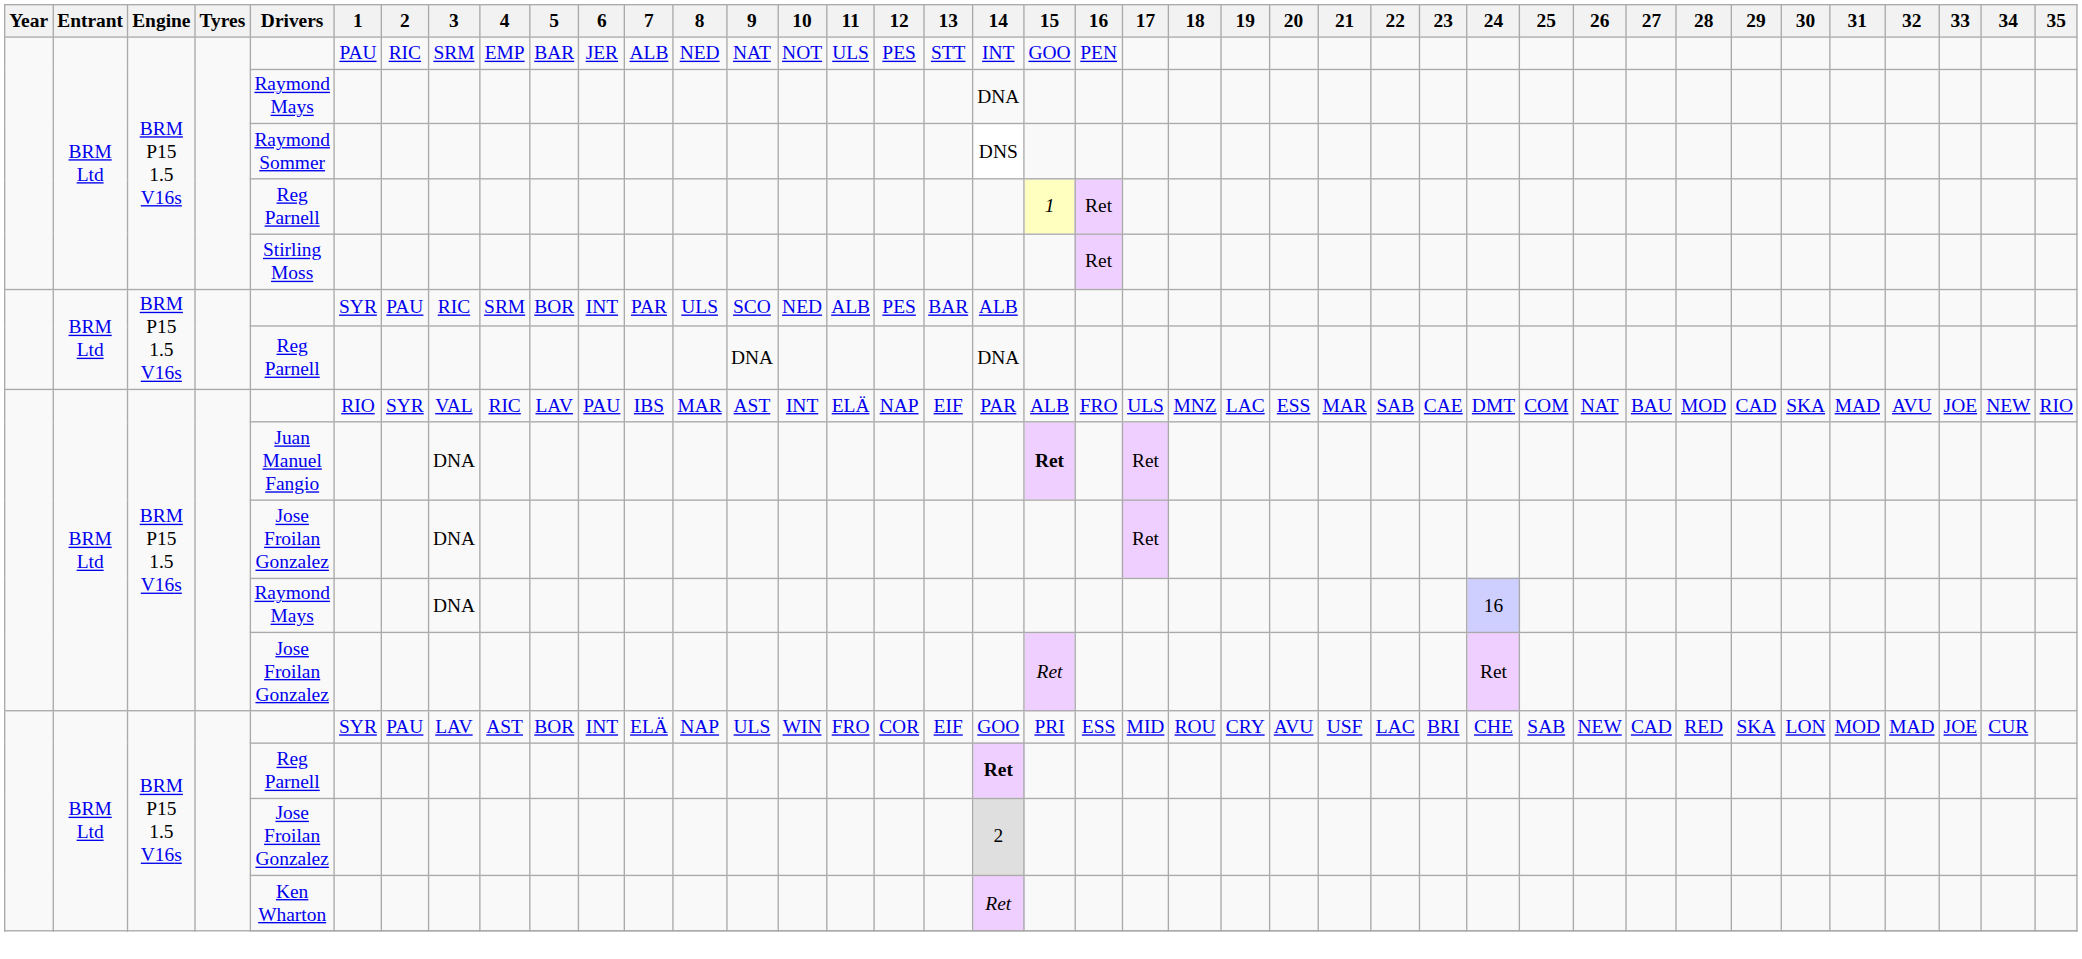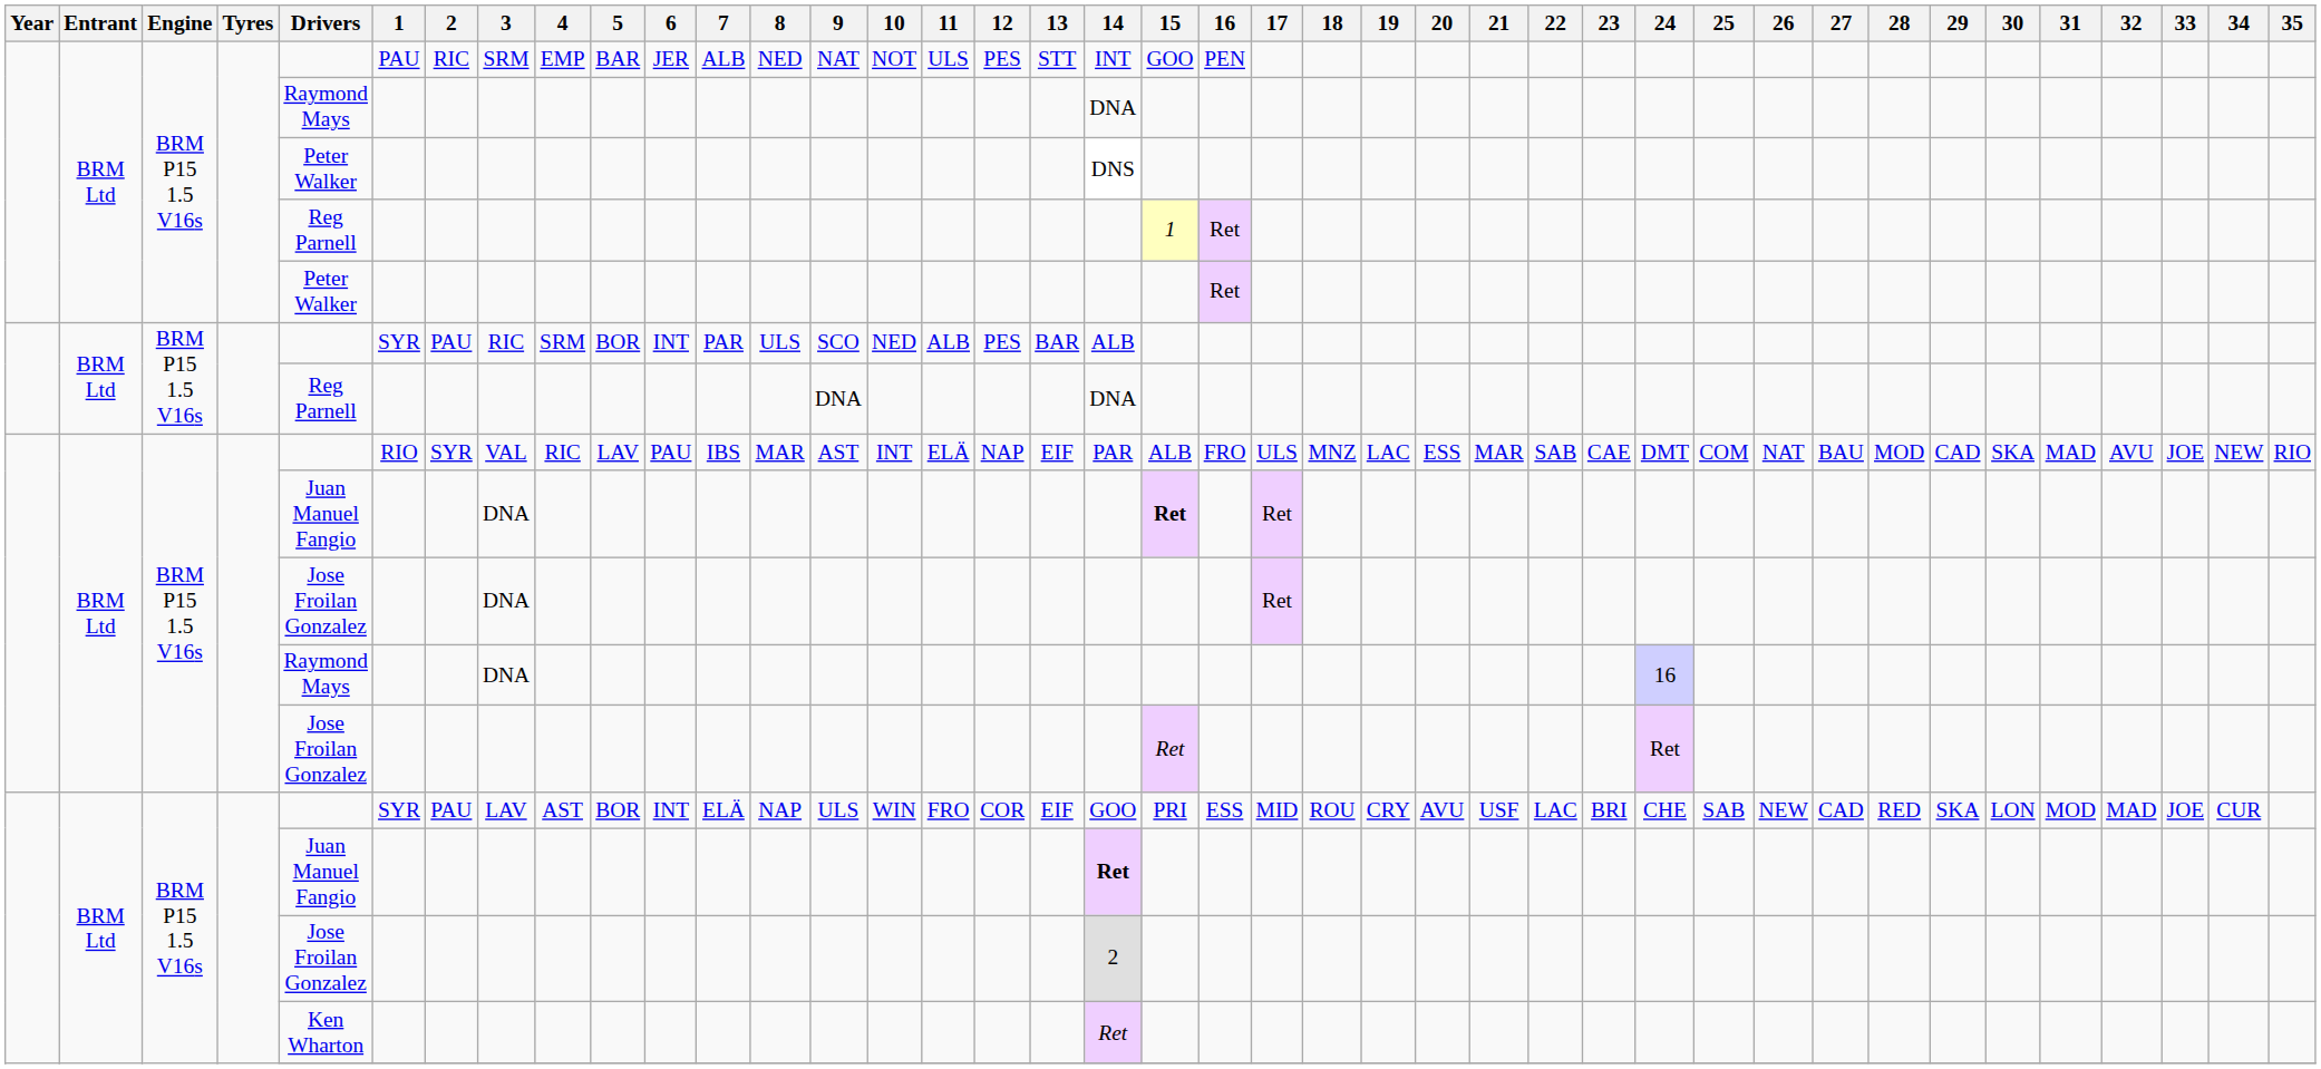 <table class="wikitable" style="text-align:center; font-size:90%">
 <tr>
 <th>Year</th>
 <th>Entrant</th>
 <th>Engine</th>
 <th>Tyres</th>
 <th>Drivers</th>
 <th>1</th>
 <th>2</th>
 <th>3</th>
 <th>4</th>
 <th>5</th>
 <th>6</th>
 <th>7</th>
 <th>8</th>
 <th>9</th>
 <th>10</th>
 <th>11</th>
 <th>12</th>
 <th>13</th>
 <th>14</th>
 <th>15</th>
 <th>16</th>
 <th>17</th>
 <th>18</th>
 <th>19</th>
 <th>20</th>
 <th>21</th>
 <th>22</th>
 <th>23</th>
 <th>24</th>
 <th>25</th>
 <th>26</th>
 <th>27</th>
 <th>28</th>
 <th>29</th>
 <th>30</th>
 <th>31</th>
 <th>32</th>
 <th>33</th>
 <th>34</th>
 <th>35</th>
 </tr>
 <tr>
 <td rowspan="5"></td>
 <td rowspan="5"><a href='#'>BRM Ltd</a></td>
 <td rowspan="5"><a href='#'>BRM</a> P15 1.5 <a href='#'>V16</a><a href='#'>s</a></td>
 <td rowspan="5"></td>
 <td></td>
 <td><a href='#'>PAU</a></td>
 <td><a href='#'>RIC</a></td>
 <td><a href='#'>SRM</a></td>
 <td><a href='#'>EMP</a></td>
 <td><a href='#'>BAR</a></td>
 <td><a href='#'>JER</a></td>
 <td><a href='#'>ALB</a></td>
 <td><a href='#'>NED</a></td>
 <td><a href='#'>NAT</a></td>
 <td><a href='#'>NOT</a></td>
 <td><a href='#'>ULS</a></td>
 <td><a href='#'>PES</a></td>
 <td><a href='#'>STT</a></td>
 <td><a href='#'>INT</a></td>
 <td><a href='#'>GOO</a></td>
 <td><a href='#'>PEN</a></td>
 <td></td>
 <td></td>
 <td></td>
 <td></td>
 <td></td>
 <td></td>
 <td></td>
 <td></td>
 <td></td>
 <td></td>
 <td></td>
 <td></td>
 <td></td>
 <td></td>
 <td></td>
 <td></td>
 <td></td>
 <td></td>
 <td></td>
 </tr>
 <tr>
 <td><a href='#'>Raymond Mays</a></td>
 <td></td>
 <td></td>
 <td></td>
 <td></td>
 <td></td>
 <td></td>
 <td></td>
 <td></td>
 <td></td>
 <td></td>
 <td></td>
 <td></td>
 <td></td>
 <td>DNA</td>
 <td></td>
 <td></td>
 <td></td>
 <td></td>
 <td></td>
 <td></td>
 <td></td>
 <td></td>
 <td></td>
 <td></td>
 <td></td>
 <td></td>
 <td></td>
 <td></td>
 <td></td>
 <td></td>
 <td></td>
 <td></td>
 <td></td>
 <td></td>
 <td></td>
 </tr>
 <tr>
-<td><a href='#'>Raymond Sommer</a></td>
+<td><a href='#'>Peter Walker</a></td>
 <td></td>
 <td></td>
 <td></td>
 <td></td>
 <td></td>
 <td></td>
 <td></td>
 <td></td>
 <td></td>
 <td></td>
 <td></td>
 <td></td>
 <td></td>
 <td style="background:#FFFFFF;">DNS</td>
 <td></td>
 <td></td>
 <td></td>
 <td></td>
 <td></td>
 <td></td>
 <td></td>
 <td></td>
 <td></td>
 <td></td>
 <td></td>
 <td></td>
 <td></td>
 <td></td>
 <td></td>
 <td></td>
 <td></td>
 <td></td>
 <td></td>
 <td></td>
 <td></td>
 </tr>
 <tr>
 <td><a href='#'>Reg Parnell</a></td>
 <td></td>
 <td></td>
 <td></td>
 <td></td>
 <td></td>
 <td></td>
 <td></td>
 <td></td>
 <td></td>
 <td></td>
 <td></td>
 <td></td>
 <td></td>
 <td></td>
 <td style="background:#FFFFBF;"><em>1</em></td>
 <td style="background:#EFCFFF;">Ret</td>
 <td></td>
 <td></td>
 <td></td>
 <td></td>
 <td></td>
 <td></td>
 <td></td>
 <td></td>
 <td></td>
 <td></td>
 <td></td>
 <td></td>
 <td></td>
 <td></td>
 <td></td>
 <td></td>
 <td></td>
 <td></td>
 <td></td>
 </tr>
 <tr>
-<td><a href='#'>Stirling Moss</a></td>
+<td><a href='#'>Peter Walker</a></td>
 <td></td>
 <td></td>
 <td></td>
 <td></td>
 <td></td>
 <td></td>
 <td></td>
 <td></td>
 <td></td>
 <td></td>
 <td></td>
 <td></td>
 <td></td>
 <td></td>
 <td></td>
 <td style="background:#EFCFFF;">Ret</td>
 <td></td>
 <td></td>
 <td></td>
 <td></td>
 <td></td>
 <td></td>
 <td></td>
 <td></td>
 <td></td>
 <td></td>
 <td></td>
 <td></td>
 <td></td>
 <td></td>
 <td></td>
 <td></td>
 <td></td>
 <td></td>
 <td></td>
 </tr>
 <tr>
 <td rowspan="2"></td>
 <td rowspan="2"><a href='#'>BRM Ltd</a></td>
 <td rowspan="2"><a href='#'>BRM</a> P15 1.5 <a href='#'>V16</a><a href='#'>s</a></td>
 <td rowspan="2"></td>
 <td></td>
 <td><a href='#'>SYR</a></td>
 <td><a href='#'>PAU</a></td>
 <td><a href='#'>RIC</a></td>
 <td><a href='#'>SRM</a></td>
 <td><a href='#'>BOR</a></td>
 <td><a href='#'>INT</a></td>
 <td><a href='#'>PAR</a></td>
 <td><a href='#'>ULS</a></td>
 <td><a href='#'>SCO</a></td>
 <td><a href='#'>NED</a></td>
 <td><a href='#'>ALB</a></td>
 <td><a href='#'>PES</a></td>
 <td><a href='#'>BAR</a></td>
 <td><a href='#'>ALB</a></td>
 <td></td>
 <td></td>
 <td></td>
 <td></td>
 <td></td>
 <td></td>
 <td></td>
 <td></td>
 <td></td>
 <td></td>
 <td></td>
 <td></td>
 <td></td>
 <td></td>
 <td></td>
 <td></td>
 <td></td>
 <td></td>
 <td></td>
 <td></td>
 <td></td>
 </tr>
 <tr>
 <td><a href='#'>Reg Parnell</a></td>
 <td></td>
 <td></td>
 <td></td>
 <td></td>
 <td></td>
 <td></td>
 <td></td>
 <td></td>
 <td>DNA</td>
 <td></td>
 <td></td>
 <td></td>
 <td></td>
 <td>DNA</td>
 <td></td>
 <td></td>
 <td></td>
 <td></td>
 <td></td>
 <td></td>
 <td></td>
 <td></td>
 <td></td>
 <td></td>
 <td></td>
 <td></td>
 <td></td>
 <td></td>
 <td></td>
 <td></td>
 <td></td>
 <td></td>
 <td></td>
 <td></td>
 <td></td>
 </tr>
 <tr>
 <td rowspan="5"></td>
 <td rowspan="5"><a href='#'>BRM Ltd</a></td>
 <td rowspan="5"><a href='#'>BRM</a> P15 1.5 <a href='#'>V16</a><a href='#'>s</a></td>
 <td rowspan="5"></td>
 <td></td>
 <td><a href='#'>RIO</a></td>
 <td><a href='#'>SYR</a></td>
 <td><a href='#'>VAL</a></td>
 <td><a href='#'>RIC</a></td>
 <td><a href='#'>LAV</a></td>
 <td><a href='#'>PAU</a></td>
 <td><a href='#'>IBS</a></td>
 <td><a href='#'>MAR</a></td>
 <td><a href='#'>AST</a></td>
 <td><a href='#'>INT</a></td>
 <td><a href='#'>ELÄ</a></td>
 <td><a href='#'>NAP</a></td>
 <td><a href='#'>EIF</a></td>
 <td><a href='#'>PAR</a></td>
 <td><a href='#'>ALB</a></td>
 <td><a href='#'>FRO</a></td>
 <td><a href='#'>ULS</a></td>
 <td><a href='#'>MNZ</a></td>
 <td><a href='#'>LAC</a></td>
 <td><a href='#'>ESS</a></td>
 <td><a href='#'>MAR</a></td>
 <td><a href='#'>SAB</a></td>
 <td><a href='#'>CAE</a></td>
 <td><a href='#'>DMT</a></td>
 <td><a href='#'>COM</a></td>
 <td><a href='#'>NAT</a></td>
 <td><a href='#'>BAU</a></td>
 <td><a href='#'>MOD</a></td>
 <td><a href='#'>CAD</a></td>
 <td><a href='#'>SKA</a></td>
 <td><a href='#'>MAD</a></td>
 <td><a href='#'>AVU</a></td>
 <td><a href='#'>JOE</a></td>
 <td><a href='#'>NEW</a></td>
 <td><a href='#'>RIO</a></td>
 </tr>
 <tr>
 <td><a href='#'>Juan Manuel Fangio</a></td>
 <td></td>
 <td></td>
 <td>DNA</td>
 <td></td>
 <td></td>
 <td></td>
 <td></td>
 <td></td>
 <td></td>
 <td></td>
 <td></td>
 <td></td>
 <td></td>
 <td></td>
 <td style="background:#EFCFFF;"><strong>Ret</strong></td>
 <td></td>
 <td style="background:#EFCFFF;">Ret</td>
 <td></td>
 <td></td>
 <td></td>
 <td></td>
 <td></td>
 <td></td>
 <td></td>
 <td></td>
 <td></td>
 <td></td>
 <td></td>
 <td></td>
 <td></td>
 <td></td>
 <td></td>
 <td></td>
 <td></td>
 <td></td>
 </tr>
 <tr>
 <td><a href='#'>Jose Froilan Gonzalez</a></td>
 <td></td>
 <td></td>
 <td>DNA</td>
 <td></td>
 <td></td>
 <td></td>
 <td></td>
 <td></td>
 <td></td>
 <td></td>
 <td></td>
 <td></td>
 <td></td>
 <td></td>
 <td></td>
 <td></td>
 <td style="background:#EFCFFF;">Ret</td>
 <td></td>
 <td></td>
 <td></td>
 <td></td>
 <td></td>
 <td></td>
 <td></td>
 <td></td>
 <td></td>
 <td></td>
 <td></td>
 <td></td>
 <td></td>
 <td></td>
 <td></td>
 <td></td>
 <td></td>
 <td></td>
 </tr>
 <tr>
 <td><a href='#'>Raymond Mays</a></td>
 <td></td>
 <td></td>
 <td>DNA</td>
 <td></td>
 <td></td>
 <td></td>
 <td></td>
 <td></td>
 <td></td>
 <td></td>
 <td></td>
 <td></td>
 <td></td>
 <td></td>
 <td></td>
 <td></td>
 <td></td>
 <td></td>
 <td></td>
 <td></td>
 <td></td>
 <td></td>
 <td></td>
 <td style="background:#CFCFFF;">16</td>
 <td></td>
 <td></td>
 <td></td>
 <td></td>
 <td></td>
 <td></td>
 <td></td>
 <td></td>
 <td></td>
 <td></td>
 <td></td>
 </tr>
 <tr>
 <td><a href='#'>Jose Froilan Gonzalez</a></td>
 <td></td>
 <td></td>
 <td></td>
 <td></td>
 <td></td>
 <td></td>
 <td></td>
 <td></td>
 <td></td>
 <td></td>
 <td></td>
 <td></td>
 <td></td>
 <td></td>
 <td style="background:#EFCFFF;"><em>Ret</em></td>
 <td></td>
 <td></td>
 <td></td>
 <td></td>
 <td></td>
 <td></td>
 <td></td>
 <td></td>
 <td style="background:#EFCFFF;">Ret</td>
 <td></td>
 <td></td>
 <td></td>
 <td></td>
 <td></td>
 <td></td>
 <td></td>
 <td></td>
 <td></td>
 <td></td>
 <td></td>
 </tr>
 <tr>
 <td rowspan="6"></td>
 <td rowspan="6"><a href='#'>BRM Ltd</a></td>
 <td rowspan="6"><a href='#'>BRM</a> P15 1.5 <a href='#'>V16</a><a href='#'>s</a></td>
 <td rowspan="6"></td>
 <td></td>
 <td><a href='#'>SYR</a></td>
 <td><a href='#'>PAU</a></td>
 <td><a href='#'>LAV</a></td>
 <td><a href='#'>AST</a></td>
 <td><a href='#'>BOR</a></td>
 <td><a href='#'>INT</a></td>
 <td><a href='#'>ELÄ</a></td>
 <td><a href='#'>NAP</a></td>
 <td><a href='#'>ULS</a></td>
 <td><a href='#'>WIN</a></td>
 <td><a href='#'>FRO</a></td>
 <td><a href='#'>COR</a></td>
 <td><a href='#'>EIF</a></td>
 <td><a href='#'>GOO</a></td>
 <td><a href='#'>PRI</a></td>
 <td><a href='#'>ESS</a></td>
 <td><a href='#'>MID</a></td>
 <td><a href='#'>ROU</a></td>
 <td><a href='#'>CRY</a></td>
 <td><a href='#'>AVU</a></td>
 <td><a href='#'>USF</a></td>
 <td><a href='#'>LAC</a></td>
 <td><a href='#'>BRI</a></td>
 <td><a href='#'>CHE</a></td>
 <td><a href='#'>SAB</a></td>
 <td><a href='#'>NEW</a></td>
 <td><a href='#'>CAD</a></td>
 <td><a href='#'>RED</a></td>
 <td><a href='#'>SKA</a></td>
 <td><a href='#'>LON</a></td>
 <td><a href='#'>MOD</a></td>
 <td><a href='#'>MAD</a></td>
 <td><a href='#'>JOE</a></td>
 <td><a href='#'>CUR</a></td>
 </tr>
 <tr>
-<td><a href='#'>Reg Parnell</a></td>
+<td><a href='#'>Juan Manuel Fangio</a></td>
 <td></td>
 <td></td>
 <td></td>
 <td></td>
 <td></td>
 <td></td>
 <td></td>
 <td></td>
 <td></td>
 <td></td>
 <td></td>
 <td></td>
 <td></td>
 <td style="background:#EFCFFF;"><strong>Ret</strong></td>
 <td></td>
 <td></td>
 <td></td>
 <td></td>
 <td></td>
 <td></td>
 <td></td>
 <td></td>
 <td></td>
 <td></td>
 <td></td>
 <td></td>
 <td></td>
 <td></td>
 <td></td>
 <td></td>
 <td></td>
 <td></td>
 <td></td>
 <td></td>
 <td></td>
 </tr>
 <tr>
 <td><a href='#'>Jose Froilan Gonzalez</a></td>
 <td></td>
 <td></td>
 <td></td>
 <td></td>
 <td></td>
 <td></td>
 <td></td>
 <td></td>
 <td></td>
 <td></td>
 <td></td>
 <td></td>
 <td></td>
 <td style="background:#DFDFDF;">2</td>
 <td></td>
 <td></td>
 <td></td>
 <td></td>
 <td></td>
 <td></td>
 <td></td>
 <td></td>
 <td></td>
 <td></td>
 <td></td>
 <td></td>
 <td></td>
 <td></td>
 <td></td>
 <td></td>
 <td></td>
 <td></td>
 <td></td>
 <td></td>
 <td></td>
 </tr>
 <tr>
 <td><a href='#'>Ken Wharton</a></td>
 <td></td>
 <td></td>
 <td></td>
 <td></td>
 <td></td>
 <td></td>
 <td></td>
 <td></td>
 <td></td>
 <td></td>
 <td></td>
 <td></td>
 <td></td>
 <td style="background:#EFCFFF;"><em>Ret</em></td>
 <td></td>
 <td></td>
 <td></td>
 <td></td>
 <td></td>
 <td></td>
 <td></td>
 <td></td>
 <td></td>
 <td></td>
 <td></td>
 <td></td>
 <td></td>
 <td></td>
 <td></td>
 <td></td>
 <td></td>
 <td></td>
 <td></td>
 <td></td>
 <td></td>
 </tr>
 <tr>
 </tr>
 </table>
